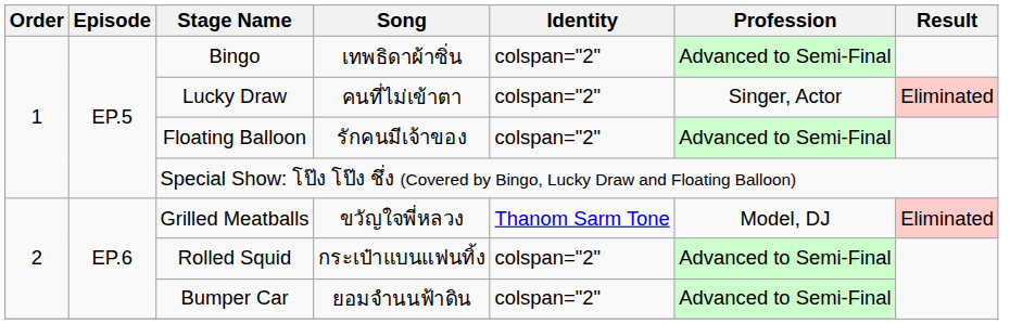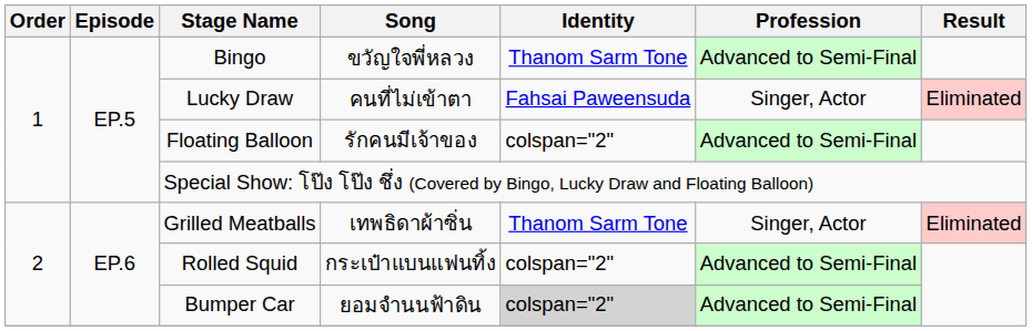 <table class="wikitable">
 <tr>
 <th>Order</th>
 <th>Episode</th>
 <th>Stage Name</th>
 <th>Song</th>
 <th>Identity</th>
 <th>Profession</th>
 <th>Result</th>
 </tr>
 <tr>
 <td rowspan="4" align="center">1</td>
 <td rowspan="4" align="center">EP.5</td>
 <td style="text-align:center;">Bingo</td>
-<td style="text-align:center;">เทพธิดาผ้าซิ่น</td>
-<td>colspan="2"  </td>
+<td style="text-align:center;">ขวัญใจพี่หลวง</td>
+<td style="text-align:center;"><a href='#'>Thanom Sarm Tone</a></td>
 <td style="text-align:center; background:#ccffcc;">Advanced to Semi-Final</td>
 </tr>
 <tr>
 <td style="text-align:center;">Lucky Draw</td>
 <td style="text-align:center;">คนที่ไม่เข้าตา</td>
-<td>colspan="2"  </td>
+<td style="text-align:center;"><a href='#'>Fahsai Paweensuda</a></td>
 <td style="text-align:center;">Singer, Actor</td>
 <td style="text-align:center; background:#ffcccc;">Eliminated</td>
 </tr>
 <tr>
 <td style="text-align:center;">Floating Balloon</td>
 <td style="text-align:center;">รักคนมีเจ้าของ</td>
 <td>colspan="2"  </td>
 <td style="text-align:center; background:#ccffcc;">Advanced to Semi-Final</td>
 </tr>
 <tr>
 <td colspan="5">Special Show: โป๊ง โป๊ง ชึ่ง <small>(Covered by Bingo, Lucky Draw and Floating Balloon)</small></td>
 </tr>
 <tr>
 <td rowspan="3" align="center">2</td>
 <td rowspan="3" align="center">EP.6</td>
 <td style="text-align:center;">Grilled Meatballs</td>
-<td style="text-align:center;">ขวัญใจพี่หลวง</td>
+<td style="text-align:center;">เทพธิดาผ้าซิ่น</td>
 <td style="text-align:center;"><a href='#'>Thanom Sarm Tone</a></td>
-<td style="text-align:center;">Model, DJ</td>
+<td style="text-align:center;">Singer, Actor</td>
 <td style="text-align:center; background:#ffcccc;">Eliminated</td>
 </tr>
 <tr>
 <td style="text-align:center;">Rolled Squid</td>
 <td style="text-align:center;">กระเป๋าแบนแฟนทิ้ง</td>
 <td>colspan="2"  </td>
 <td style="text-align:center; background:#ccffcc;">Advanced to Semi-Final</td>
 </tr>
 <tr>
 <td style="text-align:center;">Bumper Car</td>
 <td style="text-align:center;">ยอมจำนนฟ้าดิน</td>
-<td>colspan="2"  </td>
+<td style="background: lightgrey;">colspan="2"  </td>
 <td style="text-align:center; background:#ccffcc;">Advanced to Semi-Final</td>
 </tr>
 <tr>
 </tr>
 </table>
